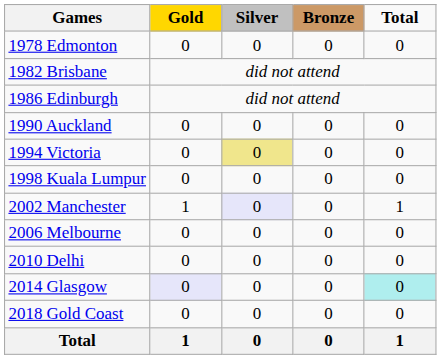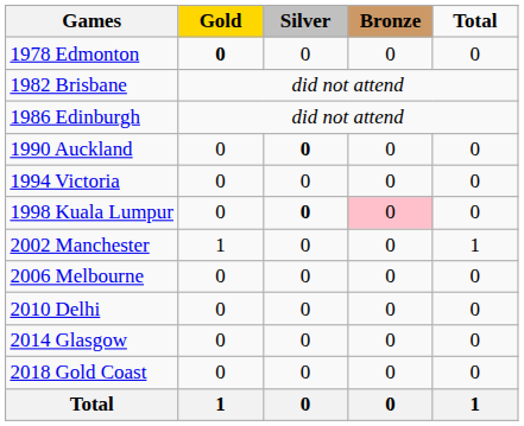 <table class="wikitable" style="text-align:center">
 <tr>
 <th>Games</th>
 <td width=60 bgcolor=gold><strong>Gold</strong></td>
 <td width=60 bgcolor=silver><strong>Silver</strong></td>
 <td width=60 bgcolor=cc9966><strong>Bronze</strong></td>
 <td width=60><strong>Total</strong></td>
 </tr>
 <tr>
 <td align=left><a href='#'>1978 Edmonton</a></td>
-<td>0</td>
+<td><strong>0</strong></td>
 <td>0</td>
 <td>0</td>
 <td>0</td>
 </tr>
 <tr>
 <td align=left><a href='#'>1982 Brisbane</a></td>
 <td colspan=4><em>did not attend</em></td>
 </tr>
 <tr>
 <td align=left><a href='#'>1986 Edinburgh</a></td>
 <td colspan=4><em>did not attend</em></td>
 </tr>
 <tr>
 <td align=left><a href='#'>1990 Auckland</a></td>
 <td>0</td>
-<td>0</td>
+<td><strong>0</strong></td>
 <td>0</td>
 <td>0</td>
 </tr>
 <tr>
 <td align=left><a href='#'>1994 Victoria</a></td>
 <td>0</td>
-<td style="background: khaki;">0</td>
+<td>0</td>
 <td>0</td>
 <td>0</td>
 </tr>
 <tr>
 <td align=left><a href='#'>1998 Kuala Lumpur</a></td>
 <td>0</td>
-<td>0</td>
-<td>0</td>
+<td><strong>0</strong></td>
+<td style="background: pink;">0</td>
 <td>0</td>
 </tr>
 <tr>
 <td align=left><a href='#'>2002 Manchester</a></td>
 <td>1</td>
-<td style="background: lavender;">0</td>
+<td>0</td>
 <td>0</td>
 <td>1</td>
 </tr>
 <tr>
 <td align=left><a href='#'>2006 Melbourne</a></td>
 <td>0</td>
 <td>0</td>
 <td>0</td>
 <td>0</td>
 </tr>
 <tr>
 <td align=left><a href='#'>2010 Delhi</a></td>
 <td>0</td>
 <td>0</td>
 <td>0</td>
 <td>0</td>
 </tr>
 <tr>
 <td align=left><a href='#'>2014 Glasgow</a></td>
-<td style="background: lavender;">0</td>
 <td>0</td>
 <td>0</td>
-<td style="background: paleturquoise;">0</td>
+<td>0</td>
+<td>0</td>
 </tr>
 <tr>
 <td align=left><a href='#'>2018 Gold Coast</a></td>
 <td>0</td>
 <td>0</td>
 <td>0</td>
 <td>0</td>
 </tr>
 <tr>
 <th>Total</th>
 <th>1</th>
 <th>0</th>
 <th>0</th>
 <th>1</th>
 </tr>
 </table>
